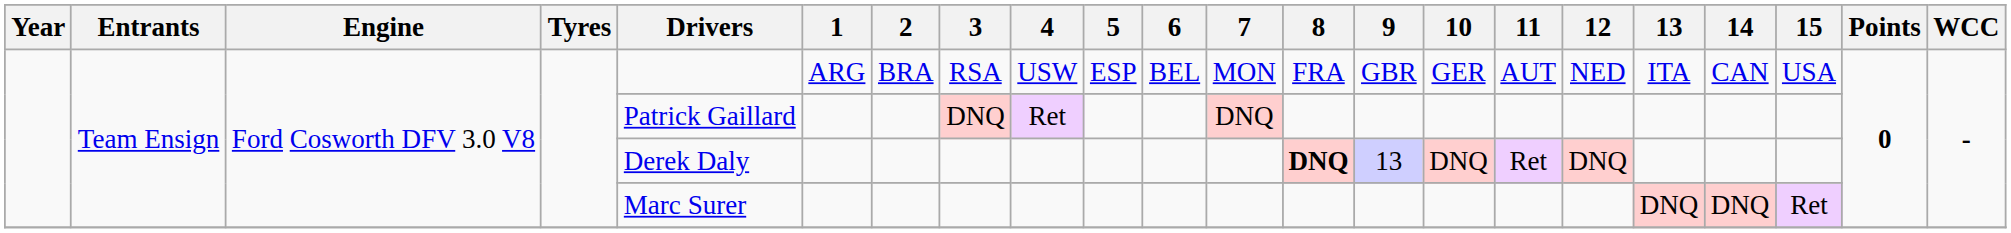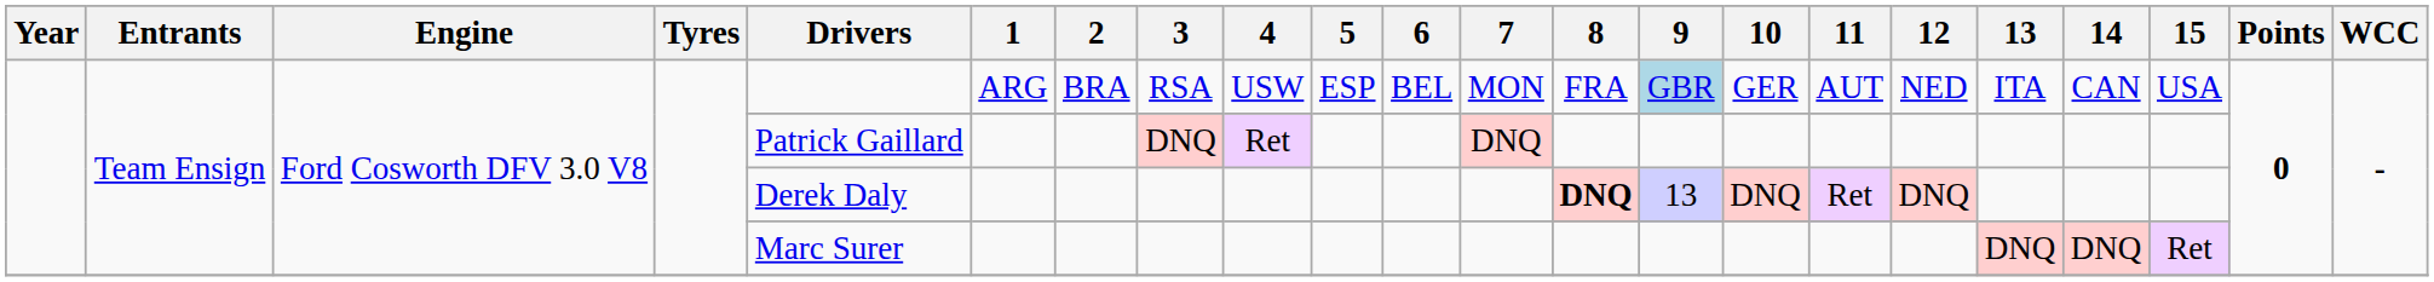 <table class="wikitable" style="text-align:center; font-size:95%">
 <tr>
 <th>Year</th>
 <th>Entrants</th>
 <th>Engine</th>
 <th>Tyres</th>
 <th>Drivers</th>
 <th>1</th>
 <th>2</th>
 <th>3</th>
 <th>4</th>
 <th>5</th>
 <th>6</th>
 <th>7</th>
 <th>8</th>
 <th>9</th>
 <th>10</th>
 <th>11</th>
 <th>12</th>
 <th>13</th>
 <th>14</th>
 <th>15</th>
 <th>Points</th>
 <th>WCC</th>
 </tr>
 <tr>
 <td rowspan="4"></td>
 <td rowspan="4"><a href='#'>Team Ensign</a></td>
 <td rowspan="4"><a href='#'>Ford</a> <a href='#'>Cosworth DFV</a> 3.0 <a href='#'>V8</a></td>
 <td rowspan="4"></td>
 <td></td>
 <td><a href='#'>ARG</a></td>
 <td><a href='#'>BRA</a></td>
 <td><a href='#'>RSA</a></td>
 <td><a href='#'>USW</a></td>
 <td><a href='#'>ESP</a></td>
 <td><a href='#'>BEL</a></td>
 <td><a href='#'>MON</a></td>
 <td><a href='#'>FRA</a></td>
-<td><a href='#'>GBR</a></td>
+<td style="background: lightblue;"><a href='#'>GBR</a></td>
 <td><a href='#'>GER</a></td>
 <td><a href='#'>AUT</a></td>
 <td><a href='#'>NED</a></td>
 <td><a href='#'>ITA</a></td>
 <td><a href='#'>CAN</a></td>
 <td><a href='#'>USA</a></td>
 <td rowspan="4"><strong>0</strong></td>
 <td rowspan="4"><strong>-</strong></td>
 </tr>
 <tr>
 <td align="left"><a href='#'>Patrick Gaillard</a></td>
 <td></td>
 <td></td>
 <td style="background:#FFCFCF;">DNQ</td>
 <td style="background:#EFCFFF;">Ret</td>
 <td></td>
 <td></td>
 <td style="background:#FFCFCF;">DNQ</td>
 <td></td>
 <td></td>
 <td></td>
 <td></td>
 <td></td>
 <td></td>
 <td></td>
 <td></td>
 </tr>
 <tr>
 <td align="left"><a href='#'>Derek Daly</a></td>
 <td></td>
 <td></td>
 <td></td>
 <td></td>
 <td></td>
 <td></td>
 <td></td>
 <td style="background:#FFCFCF;"><strong>DNQ</strong></td>
 <td style="background:#CFCFFF;">13</td>
 <td style="background:#FFCFCF;">DNQ</td>
 <td style="background:#EFCFFF;">Ret</td>
 <td style="background:#FFCFCF;">DNQ</td>
 <td></td>
 <td></td>
 <td></td>
 </tr>
 <tr>
 <td align="left"><a href='#'>Marc Surer</a></td>
 <td></td>
 <td></td>
 <td></td>
 <td></td>
 <td></td>
 <td></td>
 <td></td>
 <td></td>
 <td></td>
 <td></td>
 <td></td>
 <td></td>
 <td style="background:#FFCFCF;">DNQ</td>
 <td style="background:#FFCFCF;">DNQ</td>
 <td style="background:#EFCFFF;">Ret</td>
 </tr>
 <tr>
 </tr>
 </table>
